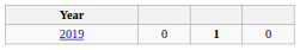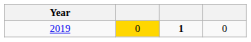 <table class="wikitable" width=30% style="font-size:100%; text-align:center;">
 <tr>
 <th>Year</th>
 <th></th>
 <th></th>
 <th></th>
 </tr>
 <tr>
 <td><a href='#'>2019</a></td>
-<td>0</td>
+<td style="background: gold;">0</td>
 <td><strong>1</strong></td>
 <td>0</td>
 </tr>
 </table>
